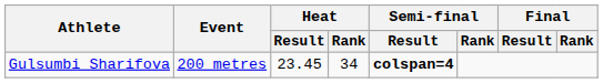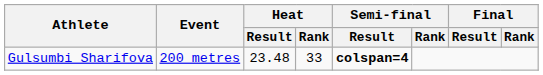 <table class="wikitable" style="font-size:90%">
 <tr>
 <th rowspan="2">Athlete</th>
 <th rowspan="2">Event</th>
 <th colspan="2">Heat</th>
 <th colspan="2">Semi-final</th>
 <th colspan="2">Final</th>
 </tr>
 <tr style="font-size:95%">
 <th>Result</th>
 <th>Rank</th>
 <th>Result</th>
 <th>Rank</th>
 <th>Result</th>
 <th>Rank</th>
 </tr>
 <tr style=text-align:center>
 <td style=text-align:left><a href='#'>Gulsumbi Sharifova</a></td>
 <td style=text-align:left><a href='#'>200 metres</a></td>
-<td>23.45</td>
-<td>34</td>
+<td>23.48</td>
+<td>33</td>
 <td><strong>colspan=4 </strong></td>
 </tr>
 </table>
